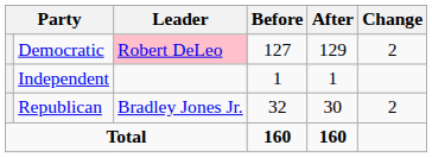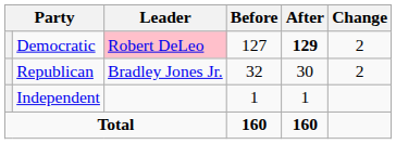 <table class="wikitable" style="text-align:center;">
 <tr>
 </tr>
 <tr>
 <th colspan=2>Party</th>
 <th>Leader</th>
 <th>Before</th>
 <th>After</th>
 <th>Change</th>
 </tr>
 <tr>
 <th style="background-color:"></th>
 <td style="text-align:left;"><a href='#'>Democratic</a></td>
 <td style="background: pink; text-align:left;"><a href='#'>Robert DeLeo</a></td>
 <td>127</td>
-<td>129</td>
+<td><strong>129</strong></td>
+<td> 2</td>
+</tr>
+<tr>
+<th style="background-color:"></th>
+<td style="text-align:left;"><a href='#'>Republican</a></td>
+<td style="text-align:left;"><a href='#'>Bradley Jones Jr.</a></td>
+<td>32</td>
+<td>30</td>
 <td> 2</td>
 </tr>
 <tr>
 <th style="background-color:"></th>
 <td style="text-align:left;"><a href='#'>Independent</a></td>
 <td style="text-align:left;"></td>
 <td>1</td>
 <td>1</td>
 <td></td>
 </tr>
 <tr>
-<th style="background-color:"></th>
-<td style="text-align:left;"><a href='#'>Republican</a></td>
-<td style="text-align:left;"><a href='#'>Bradley Jones Jr.</a></td>
-<td>32</td>
-<td>30</td>
-<td> 2</td>
-</tr>
-<tr>
 <td colspan=3><strong>Total</strong></td>
 <td><strong>160</strong></td>
 <td><strong>160</strong></td>
 <td></td>
 </tr>
 </table>
